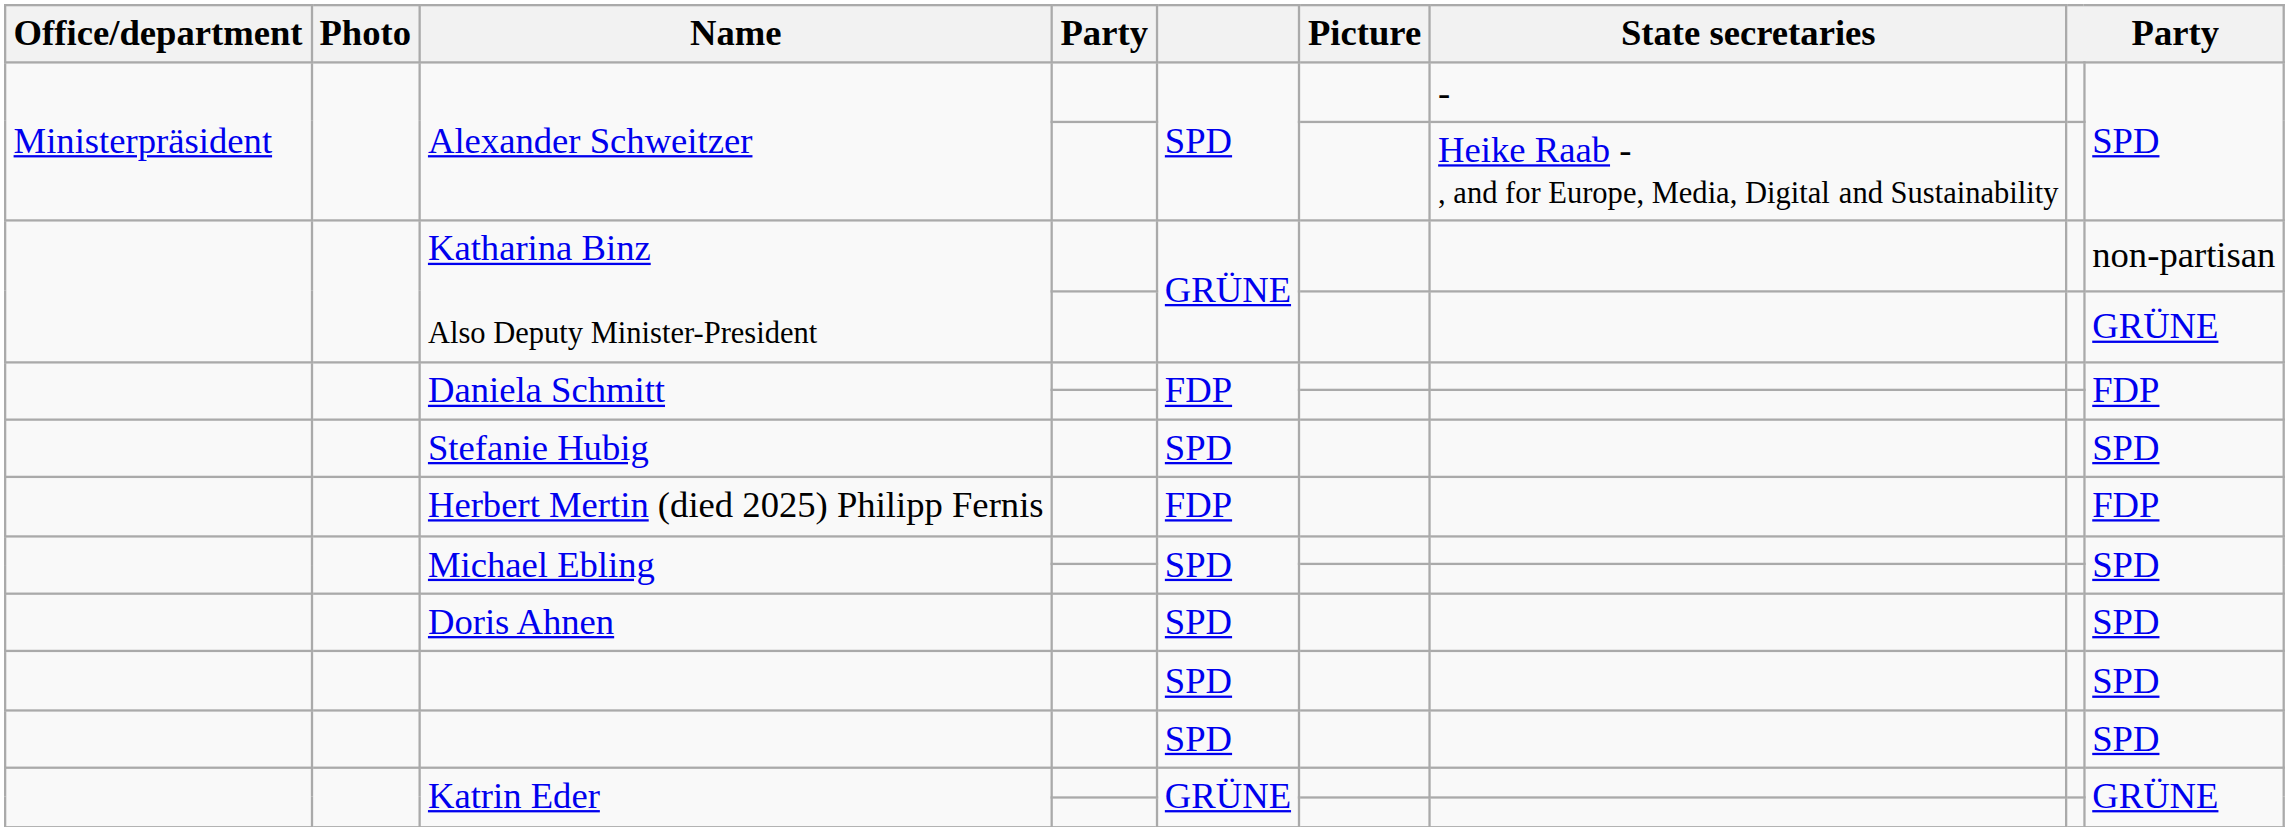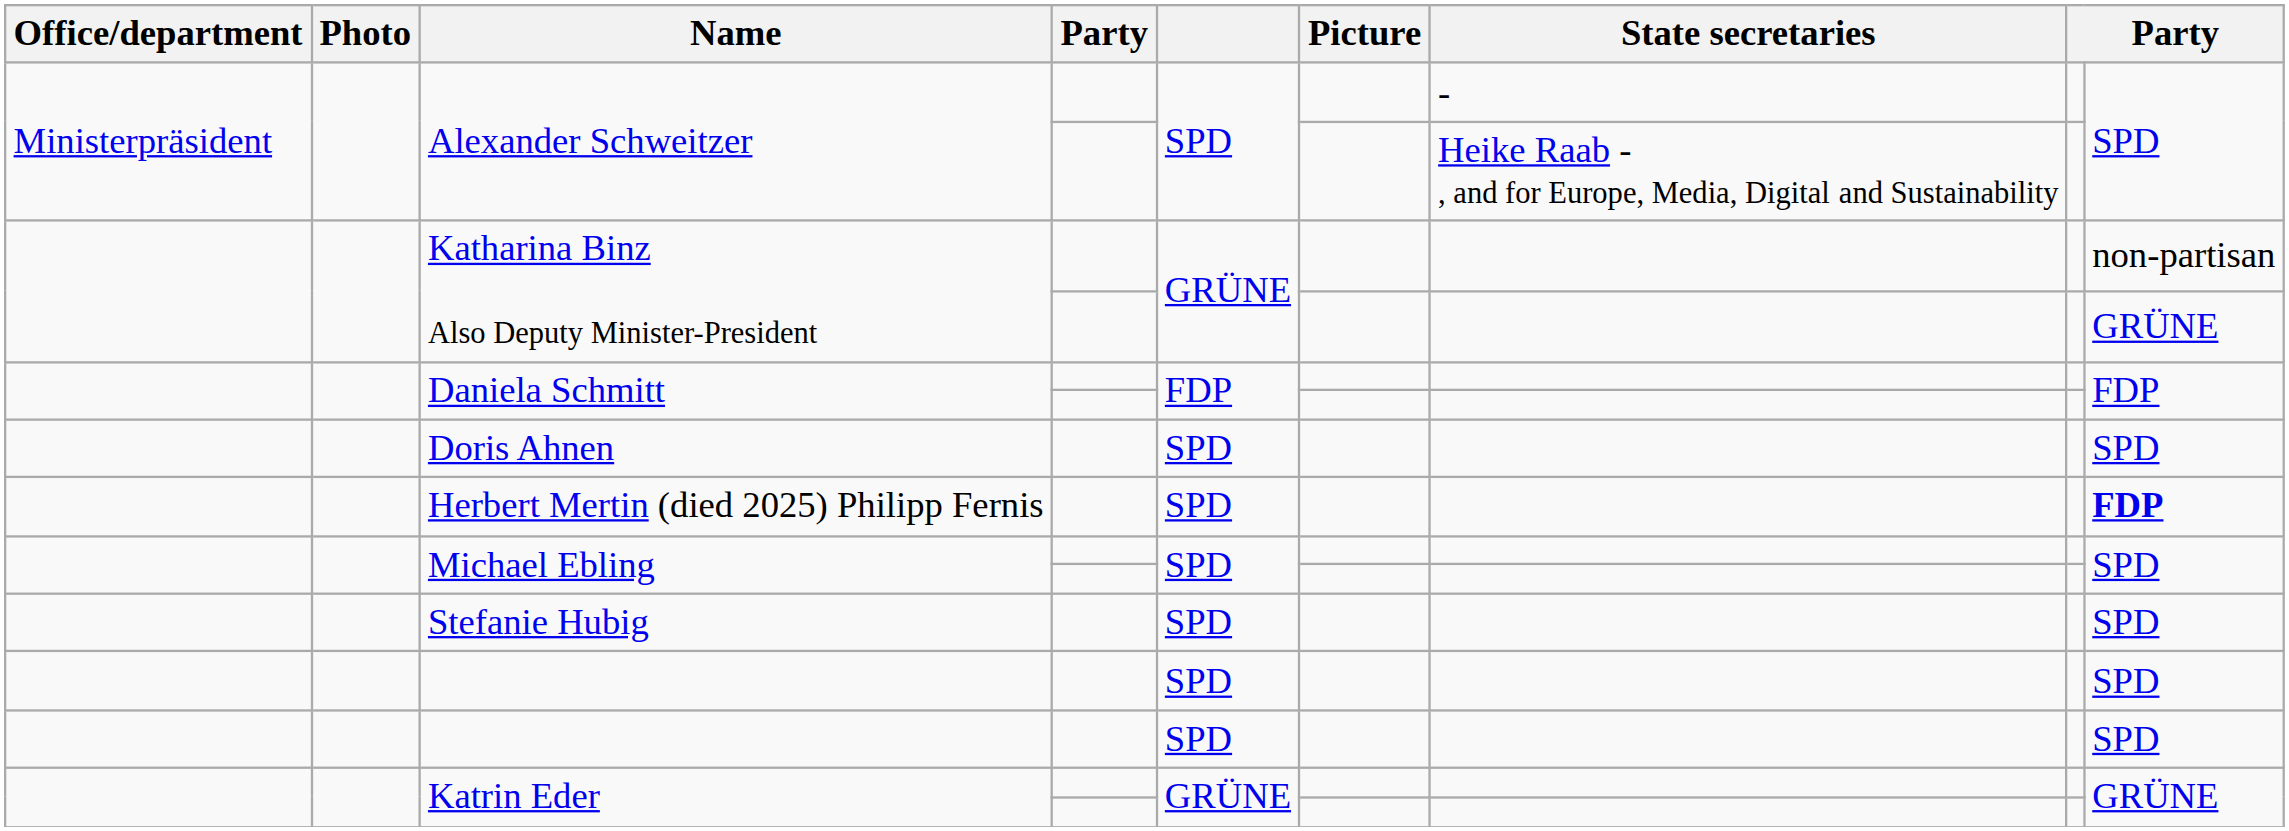 <table class="wikitable">
 <tr>
 <th><strong>Office/department</strong></th>
 <th>Photo</th>
 <th>Name</th>
 <th>Party</th>
 <th></th>
 <th><strong>Picture</strong></th>
 <th><strong>State secretaries</strong></th>
 <th colspan="2">Party</th>
 </tr>
 <tr>
 <td rowspan="2"><a href='#'>Ministerpräsident</a><br><small></small></td>
 <td rowspan="2"></td>
 <td rowspan="2"><a href='#'>Alexander Schweitzer</a></td>
 <td></td>
 <td rowspan="2"><a href='#'>SPD</a></td>
 <td></td>
 <td> - <small></small></td>
 <td></td>
 <td rowspan="2"><a href='#'>SPD</a></td>
 </tr>
 <tr>
 <td></td>
 <td></td>
 <td><a href='#'>Heike Raab</a> -<br><small>, and for Europe, Media, Digital</small> <small>and Sustainability</small></td>
 <td></td>
 </tr>
 <tr>
 <td rowspan="2"></td>
 <td rowspan="2"></td>
 <td rowspan="2"><a href='#'>Katharina Binz</a><small><br><br>Also Deputy Minister-President</small></td>
 <td></td>
 <td rowspan="2"><a href='#'>GRÜNE</a></td>
 <td></td>
 <td></td>
 <td></td>
 <td>non-partisan</td>
 </tr>
 <tr>
 <td></td>
 <td></td>
 <td></td>
 <td></td>
 <td><a href='#'>GRÜNE</a></td>
 </tr>
 <tr>
 <td rowspan="2"></td>
 <td rowspan="2"></td>
 <td rowspan="2"><a href='#'>Daniela Schmitt</a></td>
 <td></td>
 <td rowspan="2"><a href='#'>FDP</a></td>
 <td></td>
 <td></td>
 <td></td>
 <td rowspan="2"><a href='#'>FDP</a></td>
 </tr>
 <tr>
 <td></td>
 <td></td>
 <td></td>
 <td></td>
 </tr>
 <tr>
 <td></td>
 <td></td>
-<td><a href='#'>Stefanie Hubig</a></td>
+<td><a href='#'>Doris Ahnen</a></td>
 <td></td>
 <td><a href='#'>SPD</a></td>
 <td></td>
 <td></td>
 <td></td>
 <td><a href='#'>SPD</a></td>
 </tr>
 <tr>
 <td></td>
 <td></td>
 <td><a href='#'>Herbert Mertin</a> (died 2025) Philipp Fernis</td>
 <td></td>
-<td><a href='#'>FDP</a></td>
+<td><a href='#'>SPD</a></td>
 <td></td>
 <td></td>
 <td></td>
-<td><a href='#'>FDP</a></td>
+<td><strong><a href='#'>FDP</a></strong></td>
 </tr>
 <tr>
 <td rowspan="2"></td>
 <td rowspan="2"></td>
 <td rowspan="2"><a href='#'>Michael Ebling</a></td>
 <td></td>
 <td rowspan="2"><a href='#'>SPD</a></td>
 <td></td>
 <td></td>
 <td></td>
 <td rowspan="2"><a href='#'>SPD</a></td>
 </tr>
 <tr>
 <td></td>
 <td></td>
 <td></td>
 <td></td>
 </tr>
 <tr>
 <td></td>
 <td></td>
-<td><a href='#'>Doris Ahnen</a></td>
+<td><a href='#'>Stefanie Hubig</a></td>
 <td></td>
 <td><a href='#'>SPD</a></td>
 <td></td>
 <td></td>
 <td></td>
 <td><a href='#'>SPD</a></td>
 </tr>
 <tr>
 <td></td>
 <td></td>
 <td></td>
 <td></td>
 <td><a href='#'>SPD</a></td>
 <td></td>
 <td></td>
 <td></td>
 <td><a href='#'>SPD</a></td>
 </tr>
 <tr>
 <td></td>
 <td></td>
 <td></td>
 <td></td>
 <td><a href='#'>SPD</a></td>
 <td></td>
 <td></td>
 <td></td>
 <td><a href='#'>SPD</a></td>
 </tr>
 <tr>
 <td rowspan="2"></td>
 <td rowspan="2"></td>
 <td rowspan="2"><a href='#'>Katrin Eder</a></td>
 <td></td>
 <td rowspan="2"><a href='#'>GRÜNE</a></td>
 <td></td>
 <td></td>
 <td></td>
 <td rowspan="2"><a href='#'>GRÜNE</a></td>
 </tr>
 <tr>
 <td></td>
 <td></td>
 <td></td>
 <td></td>
 </tr>
 </table>
